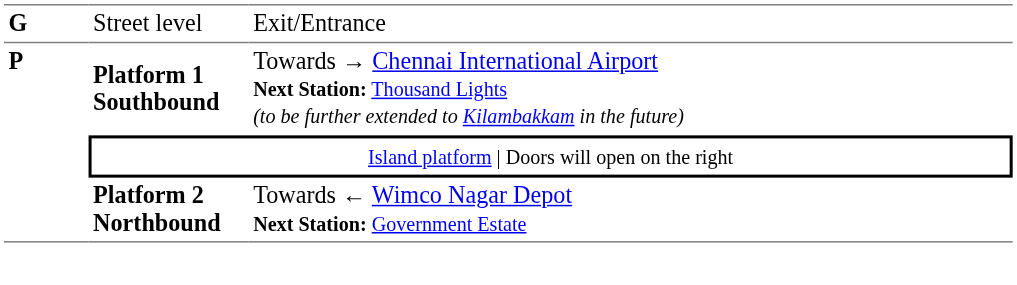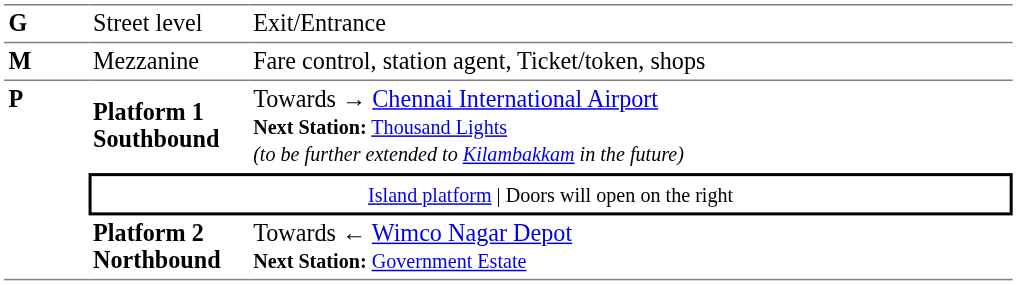 <table table border=0 cellspacing=0 cellpadding=3>
 <tr>
 <td style="border-top:solid 1px gray;border-bottom:solid 1px gray;" width=50 valign=top><strong>G</strong></td>
 <td style="border-top:solid 1px gray;border-bottom:solid 1px gray;" width=100 valign=top>Street level</td>
 <td style="border-top:solid 1px gray;border-bottom:solid 1px gray;" width=390 valign=top>Exit/Entrance</td>
+</tr>
+<tr>
+<td style="border-bottom:solid 1px gray;"><strong>M</strong></td>
+<td style="border-bottom:solid 1px gray;">Mezzanine</td>
+<td style="border-bottom:solid 1px gray;">Fare control, station agent, Ticket/token, shops</td>
 </tr>
 <tr>
 <td style="border-bottom:solid 1px gray;" width=50 rowspan=3 valign=top><strong>P</strong></td>
 <td style="border-bottom:solid 1px white;" width=100><span><strong>Platform 1</strong><br><strong>Southbound</strong></span></td>
 <td style="border-bottom:solid 1px white;" width=500>Towards → <a href='#'>Chennai International Airport</a><br><small><strong>Next Station:</strong> <a href='#'>Thousand Lights</a><br><em>(to be further extended to <a href='#'>Kilambakkam</a> in the future)</em></small></td>
 </tr>
 <tr>
 <td style="border-top:solid 2px black;border-right:solid 2px black;border-left:solid 2px black;border-bottom:solid 2px black;text-align:center;" colspan=2><small><a href='#'>Island platform</a> | Doors will open on the right </small></td>
 </tr>
 <tr>
 <td style="border-bottom:solid 1px gray;" width=100><span><strong>Platform 2</strong><br><strong>Northbound</strong></span></td>
 <td style="border-bottom:solid 1px gray;" width="500">Towards ← <a href='#'>Wimco Nagar Depot</a><br><small><strong>Next Station:</strong> <a href='#'>Government Estate</a></small></td>
 </tr>
 </table>
